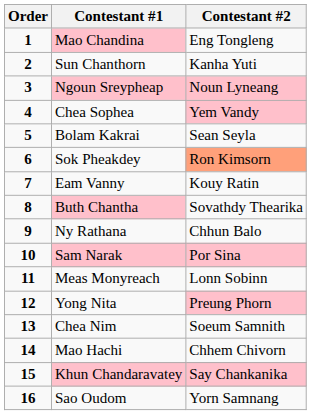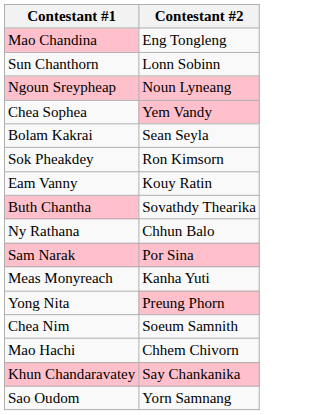 <table class="wikitable">
 <tr>
-<th>Order</th>
 <th>Contestant #1</th>
 <th>Contestant #2</th>
 </tr>
 <tr>
-<td align="center"><strong>1</strong></td>
 <td style="background:pink">Mao Chandina</td>
 <td>Eng Tongleng</td>
 </tr>
 <tr>
-<td align="center"><strong>2</strong></td>
 <td>Sun Chanthorn</td>
-<td>Kanha Yuti</td>
+<td>Lonn Sobinn</td>
 </tr>
 <tr>
-<td align="center"><strong>3</strong></td>
 <td style="background:pink">Ngoun Sreypheap</td>
 <td style="background:pink">Noun Lyneang</td>
 </tr>
 <tr>
-<td align="center"><strong>4</strong></td>
 <td>Chea Sophea</td>
 <td style="background:pink">Yem Vandy</td>
 </tr>
 <tr>
-<td align="center"><strong>5</strong></td>
 <td>Bolam Kakrai</td>
 <td>Sean Seyla</td>
 </tr>
 <tr>
-<td align="center"><strong>6</strong></td>
 <td>Sok Pheakdey</td>
-<td style="background: lightsalmon;">Ron Kimsorn</td>
+<td>Ron Kimsorn</td>
 </tr>
 <tr>
-<td align="center"><strong>7</strong></td>
 <td>Eam Vanny</td>
 <td>Kouy Ratin</td>
 </tr>
 <tr>
-<td align="center"><strong>8</strong></td>
 <td style="background:pink">Buth Chantha</td>
 <td>Sovathdy Thearika</td>
 </tr>
 <tr>
-<td align="center"><strong>9</strong></td>
 <td>Ny Rathana</td>
 <td>Chhun Balo</td>
 </tr>
 <tr>
-<td align="center"><strong>10</strong></td>
 <td style="background:pink">Sam Narak</td>
 <td style="background:pink">Por Sina</td>
 </tr>
 <tr>
-<td align="center"><strong>11</strong></td>
 <td>Meas Monyreach</td>
-<td>Lonn Sobinn</td>
+<td>Kanha Yuti</td>
 </tr>
 <tr>
-<td align="center"><strong>12</strong></td>
 <td>Yong Nita</td>
 <td style="background:pink">Preung Phorn</td>
 </tr>
 <tr>
-<td align="center"><strong>13</strong></td>
 <td>Chea Nim</td>
 <td>Soeum Samnith</td>
 </tr>
 <tr>
-<td align="center"><strong>14</strong></td>
 <td>Mao Hachi</td>
 <td>Chhem Chivorn</td>
 </tr>
 <tr>
-<td align="center"><strong>15</strong></td>
 <td style="background:pink">Khun Chandaravatey</td>
 <td style="background:pink">Say Chankanika</td>
 </tr>
 <tr>
-<td align="center"><strong>16</strong></td>
 <td>Sao Oudom</td>
 <td>Yorn Samnang</td>
 </tr>
 </table>
